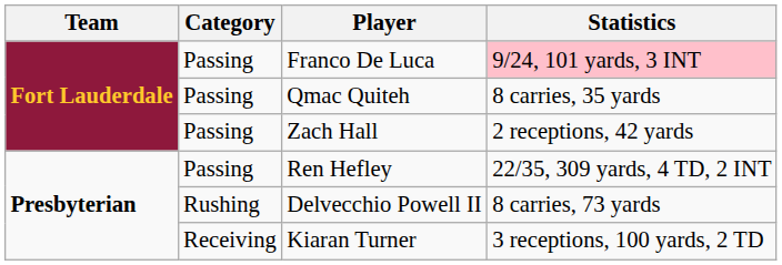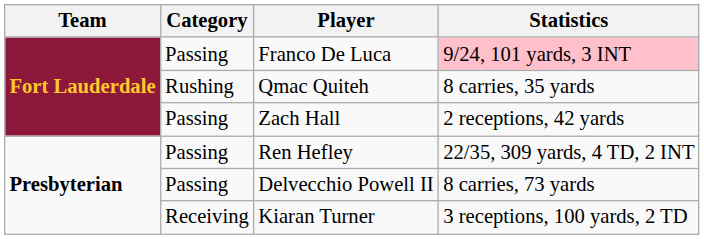 <table class="wikitable">
 <tr>
 <th>Team</th>
 <th>Category</th>
 <th>Player</th>
 <th>Statistics</th>
 </tr>
 <tr>
 <td rowspan=3 style="background:#8e183c; color:#ffc82b; text-align:center;"><strong>Fort Lauderdale</strong></td>
 <td>Passing</td>
 <td>Franco De Luca</td>
 <td style="background: pink;">9/24, 101 yards, 3 INT</td>
 </tr>
 <tr>
-<td>Passing</td>
+<td>Rushing</td>
 <td>Qmac Quiteh</td>
 <td>8 carries, 35 yards</td>
 </tr>
 <tr>
 <td>Passing</td>
 <td>Zach Hall</td>
 <td>2 receptions, 42 yards</td>
 </tr>
 <tr>
 <td rowspan=3><strong>Presbyterian</strong></td>
 <td>Passing</td>
 <td>Ren Hefley</td>
 <td>22/35, 309 yards, 4 TD, 2 INT</td>
 </tr>
 <tr>
-<td>Rushing</td>
+<td>Passing</td>
 <td>Delvecchio Powell II</td>
 <td>8 carries, 73 yards</td>
 </tr>
 <tr>
 <td>Receiving</td>
 <td>Kiaran Turner</td>
 <td>3 receptions, 100 yards, 2 TD</td>
 </tr>
 </table>
